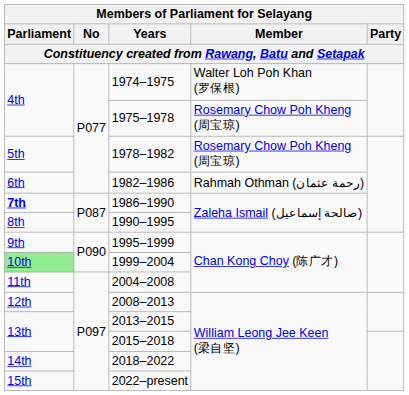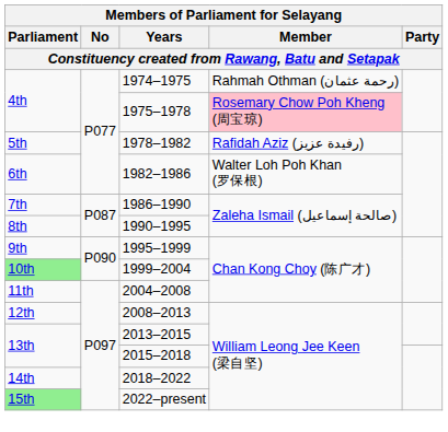 <table class=wikitable>
 <tr>
 <th colspan="5">Members of Parliament for Selayang</th>
 </tr>
 <tr>
 <th>Parliament</th>
 <th>No</th>
 <th>Years</th>
 <th>Member</th>
 <th>Party</th>
 </tr>
 <tr>
 <th colspan="5" align="center"><em>Constituency created from <a href='#'>Rawang</a>, <a href='#'>Batu</a> and <a href='#'>Setapak</a></em></th>
 </tr>
 <tr>
 <td rowspan=2><a href='#'>4th</a></td>
 <td rowspan="4">P077</td>
 <td>1974–1975</td>
-<td>Walter Loh Poh Khan  <br>(罗保根)</td>
+<td>Rahmah Othman (رحمة عثمان)</td>
 <td rowspan="2"></td>
 </tr>
 <tr>
 <td>1975–1978</td>
-<td><a href='#'>Rosemary Chow Poh Kheng</a> <br> (周宝琼)</td>
+<td style="background: pink;"><a href='#'>Rosemary Chow Poh Kheng</a> <br> (周宝琼)</td>
 </tr>
 <tr>
 <td><a href='#'>5th</a></td>
 <td>1978–1982</td>
-<td><a href='#'>Rosemary Chow Poh Kheng</a> <br> (周宝琼)</td>
+<td><a href='#'>Rafidah Aziz</a> (رفيدة عزيز)</td>
 <td rowspan="4"></td>
 </tr>
 <tr>
 <td><a href='#'>6th</a></td>
 <td>1982–1986</td>
-<td>Rahmah Othman (رحمة عثمان)</td>
+<td>Walter Loh Poh Khan  <br>(罗保根)</td>
 </tr>
 <tr>
-<td><strong><a href='#'>7th</a></strong></td>
+<td><a href='#'>7th</a></td>
 <td rowspan="2">P087</td>
 <td>1986–1990</td>
 <td rowspan=2><a href='#'>Zaleha Ismail</a> (صالحة إسماعيل)</td>
 </tr>
 <tr>
 <td><a href='#'>8th</a></td>
 <td>1990–1995</td>
 </tr>
 <tr>
 <td><a href='#'>9th</a></td>
 <td rowspan="2">P090</td>
 <td>1995–1999</td>
 <td rowspan=3><a href='#'>Chan Kong Choy</a> (陈广才)</td>
 <td rowspan="3"></td>
 </tr>
 <tr>
 <td style="background: lightgreen;"><a href='#'>10th</a></td>
 <td>1999–2004</td>
 </tr>
 <tr>
 <td><a href='#'>11th</a></td>
 <td rowspan=6>P097</td>
 <td>2004–2008</td>
 </tr>
 <tr>
 <td><a href='#'>12th</a></td>
 <td>2008–2013</td>
 <td rowspan=5><a href='#'>William Leong Jee Keen</a> <br> (梁自坚)</td>
 <td rowspan=2></td>
 </tr>
 <tr>
 <td rowspan=2><a href='#'>13th</a></td>
 <td>2013–2015</td>
 </tr>
 <tr>
 <td>2015–2018</td>
 <td rowspan=3></td>
 </tr>
 <tr>
 <td><a href='#'>14th</a></td>
 <td>2018–2022</td>
 </tr>
 <tr>
-<td><a href='#'>15th</a></td>
+<td style="background: lightgreen;"><a href='#'>15th</a></td>
 <td>2022–present</td>
 </tr>
 </table>
